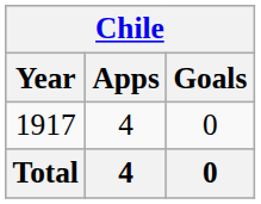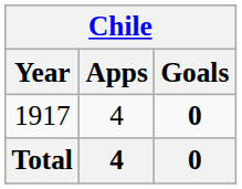 <table class="wikitable" style="text-align:center">
 <tr>
 <th colspan=3><a href='#'>Chile</a></th>
 </tr>
 <tr>
 <th>Year</th>
 <th>Apps</th>
 <th>Goals</th>
 </tr>
 <tr>
 <td>1917</td>
 <td>4</td>
-<td>0</td>
+<td><strong>0</strong></td>
 </tr>
 <tr>
 <th>Total</th>
 <th>4</th>
 <th>0</th>
 </tr>
 </table>
